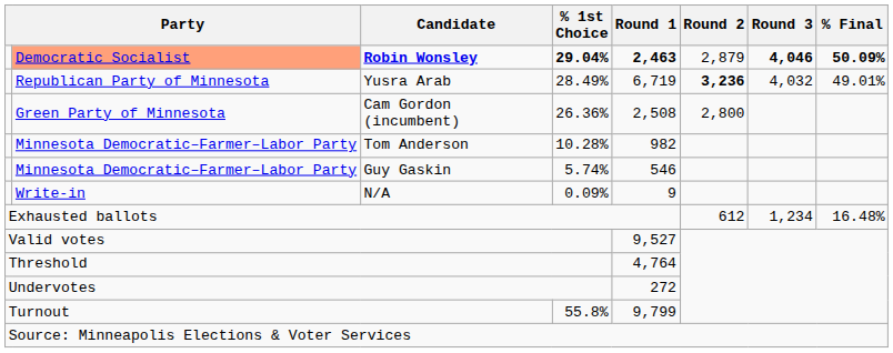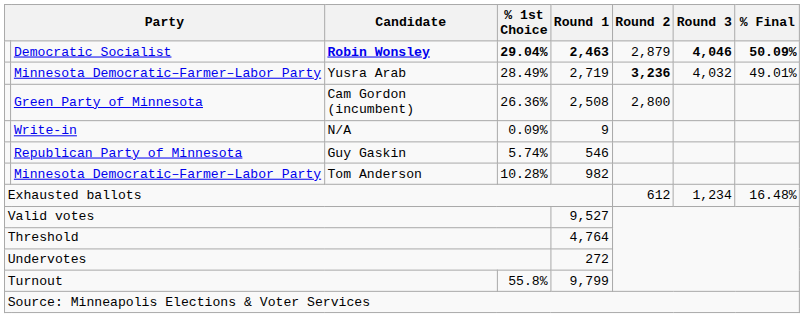 <table class="wikitable">
 <tr>
 <th colspan="2" style="width:290px">Party</th>
 <th style="width:165px">Candidate</th>
 <th>% 1st<br>Choice</th>
 <th>Round 1</th>
 <th>Round 2</th>
 <th>Round 3</th>
 <th style="width:58px;">% Final</th>
 </tr>
 <tr>
 <td style="background-color:"></td>
-<td style="background: lightsalmon;"><a href='#'>Democratic Socialist</a></td>
+<td><a href='#'>Democratic Socialist</a></td>
 <td><strong><a href='#'>Robin Wonsley</a></strong></td>
 <td align="right"><strong>29.04%</strong></td>
 <td align="right"><strong>2,463</strong></td>
 <td align="right">2,879</td>
 <td align="right"><strong>4,046</strong></td>
 <td align="right"><strong>50.09%</strong></td>
 </tr>
 <tr>
 <td style="background-color:"></td>
-<td><a href='#'>Republican Party of Minnesota</a></td>
+<td><a href='#'>Minnesota Democratic–Farmer–Labor Party</a></td>
 <td>Yusra Arab</td>
 <td align="right">28.49%</td>
-<td align="right">6,719</td>
+<td align="right">2,719</td>
 <td align="right"><strong>3,236</strong></td>
 <td align="right">4,032</td>
 <td align="right">49.01%</td>
 </tr>
 <tr>
 <td style="background-color:"></td>
 <td><a href='#'>Green Party of Minnesota</a></td>
 <td>Cam Gordon (incumbent)</td>
 <td align="right">26.36%</td>
 <td align="right">2,508</td>
 <td align="right">2,800</td>
 <td></td>
 <td></td>
 </tr>
 <tr>
 <td style="background-color:"></td>
-<td><a href='#'>Minnesota Democratic–Farmer–Labor Party</a></td>
-<td>Tom Anderson</td>
-<td align="right">10.28%</td>
-<td align="right">982</td>
+<td><a href='#'>Write-in</a></td>
+<td>N/A</td>
+<td align="right">0.09%</td>
+<td align="right">9</td>
 <td></td>
 <td></td>
 <td></td>
 </tr>
 <tr>
 <td style="background-color:"></td>
-<td><a href='#'>Minnesota Democratic–Farmer–Labor Party</a></td>
+<td><a href='#'>Republican Party of Minnesota</a></td>
 <td>Guy Gaskin</td>
 <td align="right">5.74%</td>
 <td align="right">546</td>
 <td></td>
 <td></td>
 <td></td>
 </tr>
 <tr>
 <td style="background-color:"></td>
-<td><a href='#'>Write-in</a></td>
-<td>N/A</td>
-<td align="right">0.09%</td>
-<td align="right">9</td>
+<td><a href='#'>Minnesota Democratic–Farmer–Labor Party</a></td>
+<td>Tom Anderson</td>
+<td align="right">10.28%</td>
+<td align="right">982</td>
 <td></td>
 <td></td>
 <td></td>
 </tr>
 <tr>
 <td colspan="5">Exhausted ballots</td>
 <td align="right">612</td>
 <td align="right">1,234</td>
 <td align="right">16.48%</td>
 </tr>
 <tr>
 <td colspan="4">Valid votes</td>
 <td align="right">9,527</td>
 <td colspan="3" rowspan="4"></td>
 </tr>
 <tr>
 <td colspan="4">Threshold</td>
 <td align="right">4,764</td>
 </tr>
 <tr>
 <td colspan="4">Undervotes</td>
 <td align="right">272</td>
 </tr>
 <tr>
 <td colspan="3">Turnout</td>
 <td align="right">55.8%</td>
 <td align="right">9,799</td>
 </tr>
 <tr>
 <td colspan="8">Source: Minneapolis Elections & Voter Services</td>
 </tr>
 </table>
